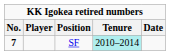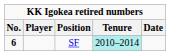 <table class="wikitable" style="text-align:center">
 <tr>
 <td colspan="5"><strong>KK Igokea retired numbers</strong></td>
 </tr>
 <tr>
 <th>No.</th>
 <th>Player</th>
 <th>Position</th>
 <th>Tenure</th>
 <th>Date</th>
 </tr>
 <tr>
-<td><strong>7</strong></td>
+<td><strong>6</strong></td>
 <td></td>
 <td><a href='#'>SF</a></td>
 <td style="background: paleturquoise;">2010–2014</td>
 <td></td>
 </tr>
 </table>
